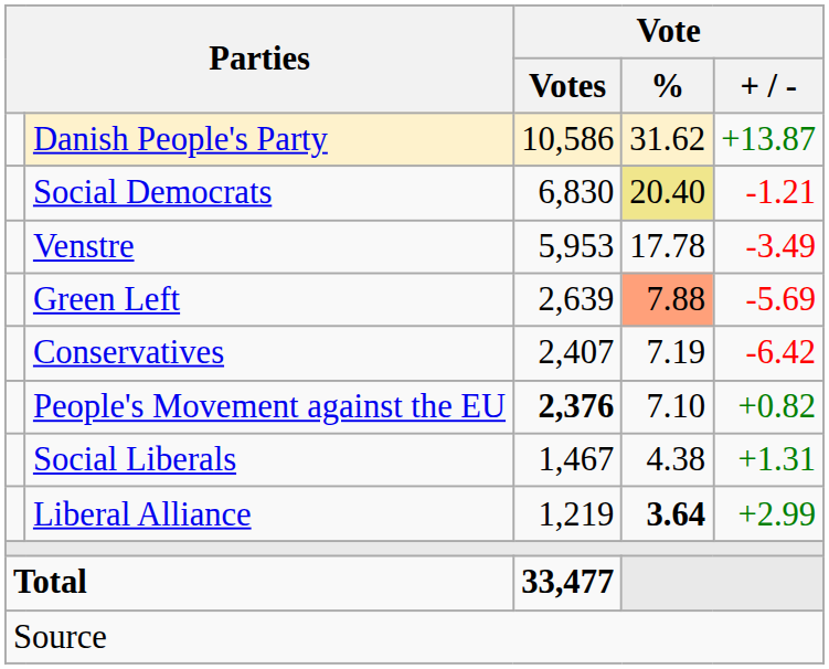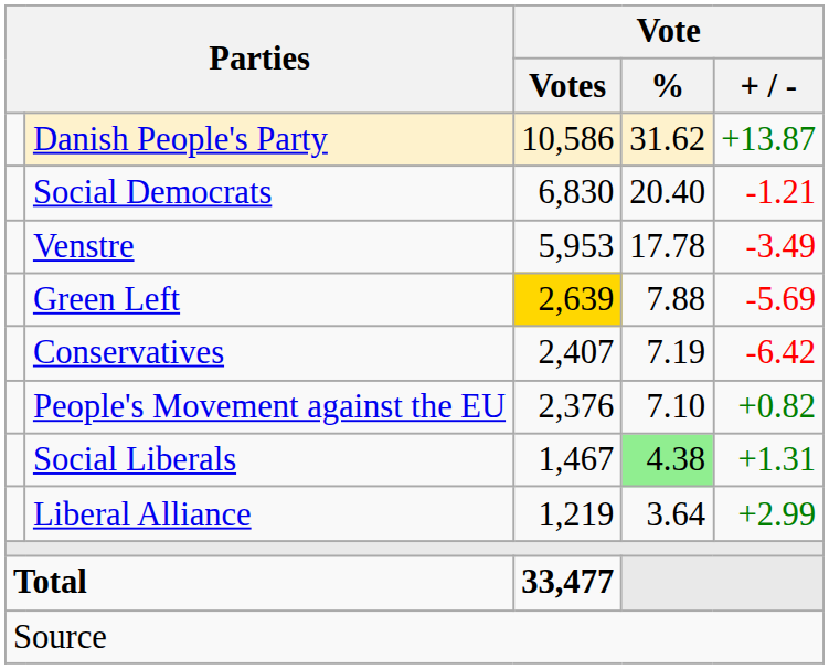 <table class="wikitable" style="text-align:right;">
 <tr>
 <th style="text-align:centre;" rowspan="2" colspan="2" width="225">Parties</th>
 <th colspan="3">Vote</th>
 </tr>
 <tr>
 <th width="15">Votes</th>
 <th width="15">%</th>
 <th width="15">+ / -</th>
 </tr>
 <tr>
 <td width="2" style="color:inherit;background:"></td>
 <td bgcolor=#fef2cc   align="left"><a href='#'>Danish People's Party</a></td>
 <td bgcolor=#fef2cc>10,586</td>
 <td bgcolor=#fef2cc>31.62</td>
 <td style=color:green;>+13.87</td>
 </tr>
 <tr>
 <td width="2" style="color:inherit;background:"></td>
 <td align="left"><a href='#'>Social Democrats</a></td>
 <td>6,830</td>
-<td style="background: khaki;">20.40</td>
+<td>20.40</td>
 <td style=color:red;>-1.21</td>
 </tr>
 <tr>
 <td width="2" style="color:inherit;background:"></td>
 <td align="left"><a href='#'>Venstre</a></td>
 <td>5,953</td>
 <td>17.78</td>
 <td style=color:red;>-3.49</td>
 </tr>
 <tr>
 <td width="2" style="color:inherit;background:"></td>
 <td align="left"><a href='#'>Green Left</a></td>
-<td>2,639</td>
-<td style="background: lightsalmon;">7.88</td>
+<td style="background: gold;">2,639</td>
+<td>7.88</td>
 <td style=color:red;>-5.69</td>
 </tr>
 <tr>
 <td width="2" style="color:inherit;background:"></td>
 <td align="left"><a href='#'>Conservatives</a></td>
 <td>2,407</td>
 <td>7.19</td>
 <td style=color:red;>-6.42</td>
 </tr>
 <tr>
 <td width="2" style="color:inherit;background:"></td>
 <td align="left"><a href='#'>People's Movement against the EU</a></td>
-<td><strong>2,376</strong></td>
+<td>2,376</td>
 <td>7.10</td>
 <td style=color:green;>+0.82</td>
 </tr>
 <tr>
 <td width="2" style="color:inherit;background:"></td>
 <td align="left"><a href='#'>Social Liberals</a></td>
 <td>1,467</td>
-<td>4.38</td>
+<td style="background: lightgreen;">4.38</td>
 <td style=color:green;>+1.31</td>
 </tr>
 <tr>
 <td width="2" style="color:inherit;background:"></td>
 <td align="left"><a href='#'>Liberal Alliance</a></td>
 <td>1,219</td>
-<td><strong>3.64</strong></td>
+<td>3.64</td>
 <td style=color:green;>+2.99</td>
 </tr>
 <tr>
 <td colspan="7" bgcolor="#E9E9E9"></td>
 </tr>
 <tr>
 <td align="left" colspan="2"><strong>Total</strong></td>
 <td><strong>33,477</strong></td>
 <td bgcolor="#E9E9E9" colspan="2"></td>
 </tr>
 <tr>
 <td align="left" colspan="6">Source</td>
 </tr>
 </table>
